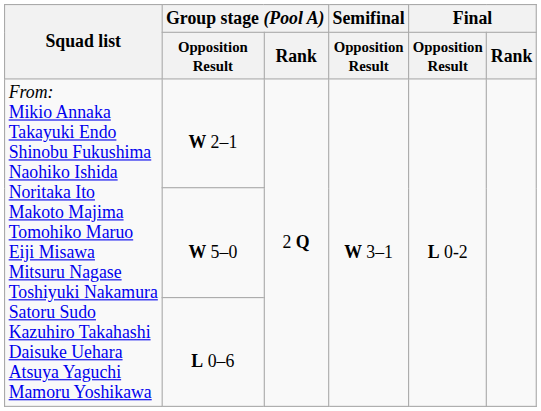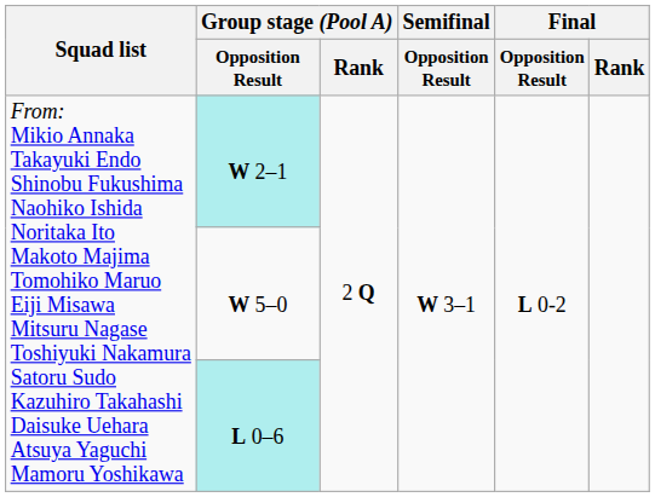 <table class=wikitable style="font-size:100%">
 <tr>
 <th rowspan="2">Squad list</th>
 <th colspan="2">Group stage <em>(Pool A)</em> </th>
 <th>Semifinal</th>
 <th colspan="2">Final</th>
 </tr>
 <tr>
 <th style="line-height:1em"><small>Opposition<br>Result</small></th>
 <th>Rank</th>
 <th style="line-height:1em"><small>Opposition<br>Result</small></th>
 <th style="line-height:1em"><small>Opposition<br>Result</small></th>
 <th>Rank</th>
 </tr>
 <tr>
 <td rowspan="3"><em>From:</em><br><a href='#'>Mikio Annaka</a> <br><a href='#'>Takayuki Endo</a> <br><a href='#'>Shinobu Fukushima</a> <br><a href='#'>Naohiko Ishida</a> <br><a href='#'>Noritaka Ito</a> <br><a href='#'>Makoto Majima</a> <br><a href='#'>Tomohiko Maruo</a> <br><a href='#'>Eiji Misawa</a> <br><a href='#'>Mitsuru Nagase</a> <br><a href='#'>Toshiyuki Nakamura</a> <br><a href='#'>Satoru Sudo</a> <br><a href='#'>Kazuhiro Takahashi</a> <br><a href='#'>Daisuke Uehara</a> <br><a href='#'>Atsuya Yaguchi</a> <br><a href='#'>Mamoru Yoshikawa</a></td>
-<td align="center"><br><strong>W</strong> 2–1</td>
+<td align="center" style="background: paleturquoise;"><br><strong>W</strong> 2–1</td>
 <td rowspan="3" align="center">2 <strong>Q</strong></td>
 <td rowspan="3" align="center"><br><strong>W</strong> 3–1</td>
 <td rowspan="3" align="center"><br><strong>L</strong> 0-2</td>
 <td rowspan="3" align="center"></td>
 </tr>
 <tr>
 <td align="center"><br><strong>W</strong> 5–0</td>
 </tr>
 <tr>
-<td align="center"><br><strong>L</strong> 0–6</td>
+<td align="center" style="background: paleturquoise;"><br><strong>L</strong> 0–6</td>
 </tr>
 </table>
